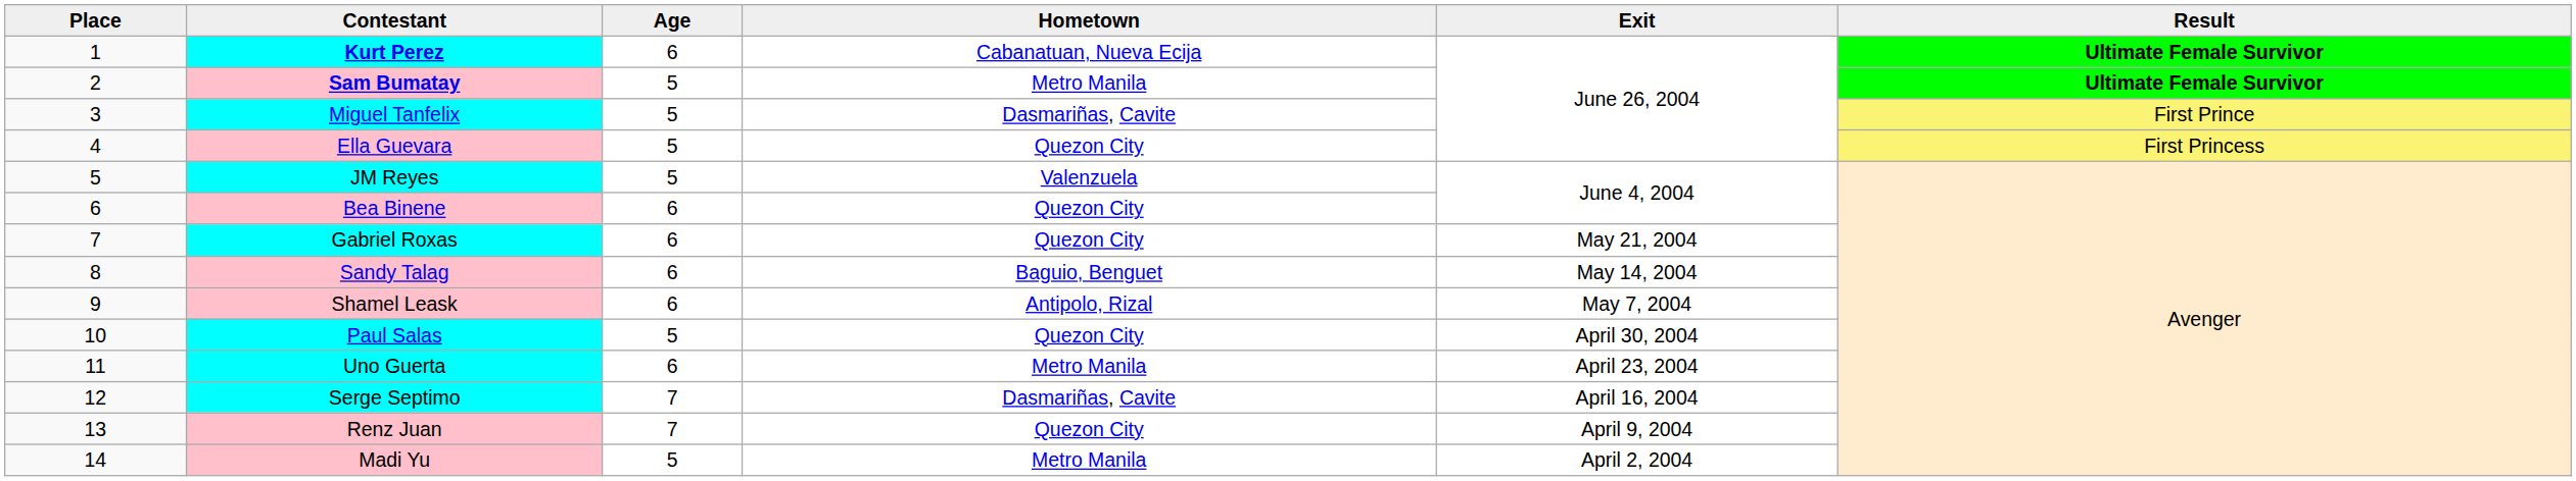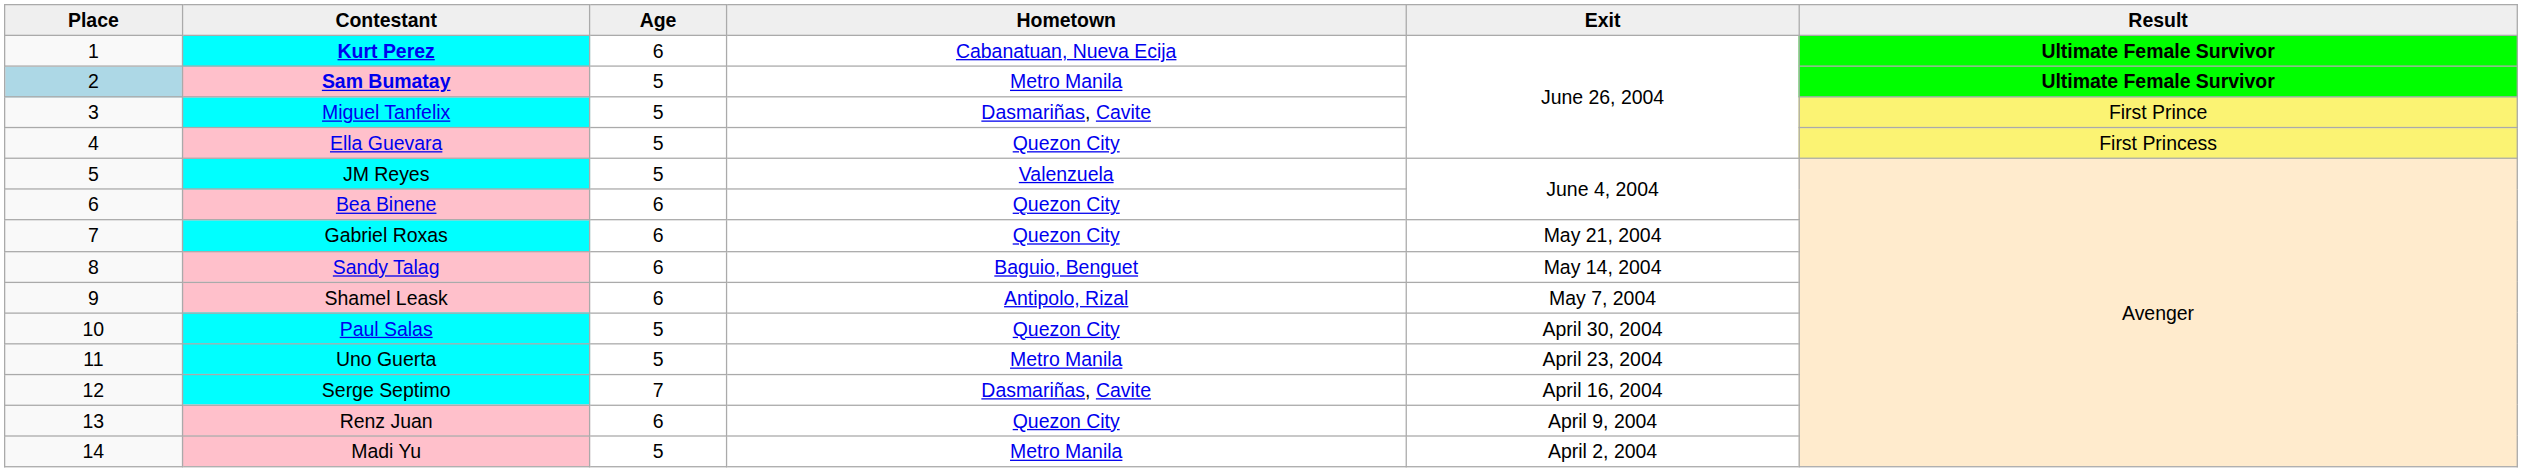 <table class="wikitable nowrap" style="text-align:center; font-size:95%;width:99%;">
 <tr>
 <th scope="col" style="background:#EFEFEF;">Place</th>
 <th scope="col" style="background:#EFEFEF;">Contestant</th>
 <th scope="col" style="background:#EFEFEF;">Age</th>
 <th scope="col" style="background:#EFEFEF;">Hometown</th>
 <th scope="col" style="background:#EFEFEF;">Exit</th>
 <th scope="col" style="background:#EFEFEF;">Result</th>
 </tr>
 <tr>
 <td>1</td>
 <td style="background:cyan;"><strong><a href='#'>Kurt Perez</a></strong></td>
 <td style="background:#FFFFFF">6</td>
 <td style="background:#FFFFFF"><a href='#'>Cabanatuan, Nueva Ecija</a></td>
 <td style="background:#FFFFFF" rowspan=4>June 26, 2004</td>
 <td style="background:lime"><strong>Ultimate Female Survivor</strong></td>
 </tr>
 <tr>
-<td>2</td>
+<td style="background: lightblue;">2</td>
 <td style="background:pink;"><strong><a href='#'>Sam Bumatay</a></strong></td>
 <td style="background:#FFFFFF">5</td>
 <td style="background:#FFFFFF"><a href='#'>Metro Manila</a></td>
 <td style="background:lime"><strong>Ultimate Female Survivor</strong></td>
 </tr>
 <tr>
 <td>3</td>
 <td style="background:cyan;"><a href='#'>Miguel Tanfelix</a></td>
 <td style="background:#FFFFFF">5</td>
 <td style="background:#FFFFFF"><a href='#'>Dasmariñas</a>, <a href='#'>Cavite</a></td>
 <td style="background:#FBF373">First Prince</td>
 </tr>
 <tr>
 <td>4</td>
 <td style="background:pink;"><a href='#'>Ella Guevara</a></td>
 <td style="background:#FFFFFF">5</td>
 <td style="background:#FFFFFF"><a href='#'>Quezon City</a></td>
 <td style="background:#FBF373">First Princess</td>
 </tr>
 <tr>
 <td>5</td>
 <td style="background:cyan;">JM Reyes</td>
 <td style="background:#FFFFFF">5</td>
 <td style="background:#FFFFFF"><a href='#'>Valenzuela</a></td>
 <td style="background:#FFFFFF" rowspan=2>June 4, 2004</td>
 <td style="background:#FFEBCD" rowspan=10>Avenger</td>
 </tr>
 <tr>
 <td>6</td>
 <td style="background:pink;"><a href='#'>Bea Binene</a></td>
 <td style="background:#FFFFFF">6</td>
 <td style="background:#FFFFFF"><a href='#'>Quezon City</a></td>
 </tr>
 <tr>
 <td>7</td>
 <td style="background:cyan;">Gabriel Roxas</td>
 <td style="background:#FFFFFF">6</td>
 <td style="background:#FFFFFF"><a href='#'>Quezon City</a></td>
 <td style="background:#FFFFFF">May 21, 2004</td>
 </tr>
 <tr>
 <td>8</td>
 <td style="background:pink;"><a href='#'>Sandy Talag</a></td>
 <td style="background:#FFFFFF">6</td>
 <td style="background:#FFFFFF"><a href='#'>Baguio, Benguet</a></td>
 <td style="background:#FFFFFF">May 14, 2004</td>
 </tr>
 <tr>
 <td>9</td>
 <td style="background:pink;">Shamel Leask</td>
 <td style="background:#FFFFFF">6</td>
 <td style="background:#FFFFFF"><a href='#'>Antipolo, Rizal</a></td>
 <td style="background:#FFFFFF">May 7, 2004</td>
 </tr>
 <tr>
 <td>10</td>
 <td style="background:cyan;"><a href='#'>Paul Salas</a></td>
 <td style="background:#FFFFFF">5</td>
 <td style="background:#FFFFFF"><a href='#'>Quezon City</a></td>
 <td style="background:#FFFFFF">April 30, 2004</td>
 </tr>
 <tr>
 <td>11</td>
 <td style="background:cyan;">Uno Guerta</td>
-<td style="background:#FFFFFF">6</td>
+<td style="background:#FFFFFF">5</td>
 <td style="background:#FFFFFF"><a href='#'>Metro Manila</a></td>
 <td style="background:#FFFFFF">April 23, 2004</td>
 </tr>
 <tr>
 <td>12</td>
 <td style="background:cyan;">Serge Septimo</td>
 <td style="background:#FFFFFF">7</td>
 <td style="background:#FFFFFF"><a href='#'>Dasmariñas</a>, <a href='#'>Cavite</a></td>
 <td style="background:#FFFFFF">April 16, 2004</td>
 </tr>
 <tr>
 <td>13</td>
 <td style="background:pink;">Renz Juan</td>
-<td style="background:#FFFFFF">7</td>
+<td style="background:#FFFFFF">6</td>
 <td style="background:#FFFFFF"><a href='#'>Quezon City</a></td>
 <td style="background:#FFFFFF">April 9, 2004</td>
 </tr>
 <tr>
 <td>14</td>
 <td style="background:pink;">Madi Yu</td>
 <td style="background:#FFFFFF">5</td>
 <td style="background:#FFFFFF"><a href='#'>Metro Manila</a></td>
 <td style="background:#FFFFFF">April 2, 2004</td>
 </tr>
 </table>
